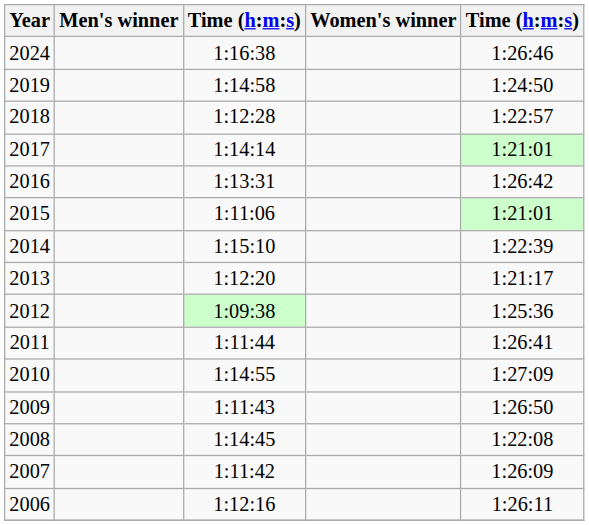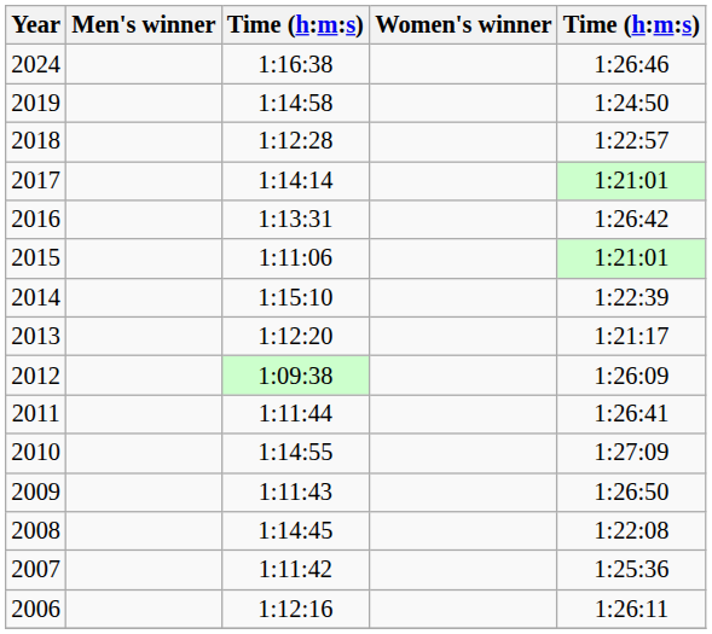 <table class="wikitable sortable" style="text-align:center">
 <tr>
 <th>Year</th>
 <th class=unsortable>Men's winner</th>
 <th>Time (<a href='#'>h</a>:<a href='#'>m</a>:<a href='#'>s</a>)</th>
 <th class=unsortable>Women's winner</th>
 <th>Time (<a href='#'>h</a>:<a href='#'>m</a>:<a href='#'>s</a>)</th>
 </tr>
 <tr>
 <td>2024</td>
 <td align="left"></td>
 <td>1:16:38</td>
 <td align="left"></td>
 <td>1:26:46</td>
 </tr>
 <tr>
 <td>2019</td>
 <td align=left></td>
 <td>1:14:58</td>
 <td align=left></td>
 <td>1:24:50</td>
 </tr>
 <tr>
 <td>2018</td>
 <td align=left></td>
 <td>1:12:28</td>
 <td align=left></td>
 <td>1:22:57</td>
 </tr>
 <tr>
 <td>2017</td>
 <td align=left></td>
 <td>1:14:14</td>
 <td align=left></td>
 <td bgcolor="#CCFFCC">1:21:01</td>
 </tr>
 <tr>
 <td>2016</td>
 <td align=left></td>
 <td>1:13:31</td>
 <td align=left></td>
 <td>1:26:42</td>
 </tr>
 <tr>
 <td>2015</td>
 <td align=left></td>
 <td>1:11:06</td>
 <td align=left></td>
 <td bgcolor="#CCFFCC">1:21:01</td>
 </tr>
 <tr>
 <td>2014</td>
 <td align=left></td>
 <td>1:15:10</td>
 <td align=left></td>
 <td>1:22:39</td>
 </tr>
 <tr>
 <td>2013</td>
 <td align=left></td>
 <td>1:12:20</td>
 <td align=left></td>
 <td>1:21:17</td>
 </tr>
 <tr>
 <td>2012</td>
 <td align=left></td>
 <td bgcolor="#CCFFCC">1:09:38</td>
 <td align=left></td>
-<td>1:25:36</td>
+<td>1:26:09</td>
 </tr>
 <tr>
 <td>2011</td>
 <td align=left></td>
 <td>1:11:44</td>
 <td align=left></td>
 <td>1:26:41</td>
 </tr>
 <tr>
 <td>2010</td>
 <td align=left></td>
 <td>1:14:55</td>
 <td align=left></td>
 <td>1:27:09</td>
 </tr>
 <tr>
 <td>2009</td>
 <td align=left></td>
 <td>1:11:43</td>
 <td align=left></td>
 <td>1:26:50</td>
 </tr>
 <tr>
 <td>2008</td>
 <td align=left></td>
 <td>1:14:45</td>
 <td align=left></td>
 <td>1:22:08</td>
 </tr>
 <tr>
 <td>2007</td>
 <td align=left></td>
 <td>1:11:42</td>
 <td align=left></td>
-<td>1:26:09</td>
+<td>1:25:36</td>
 </tr>
 <tr>
 <td>2006</td>
 <td align=left></td>
 <td>1:12:16</td>
 <td align=left></td>
 <td>1:26:11</td>
 </tr>
 <tr>
 </tr>
 </table>
